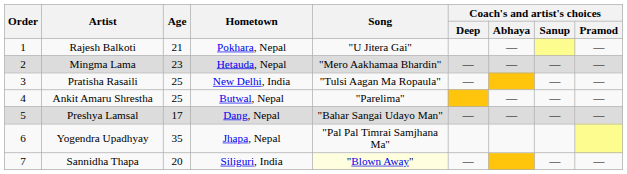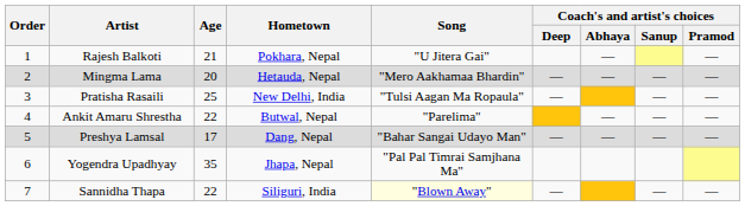 <table class="wikitable plainrowheaders" style="text-align:center; line-height:17px; width:100%;">
 <tr>
 <th scope="col" rowspan="2" style="width:04%;">Order</th>
 <th scope="col" rowspan="2" style="width:18%;">Artist</th>
 <th scope="col" rowspan="2" style="width:04%;">Age</th>
 <th scope="col" rowspan="2" style="width:18%;">Hometown</th>
 <th scope="col" rowspan="2" style="width:20%;">Song</th>
 <th scope="col" colspan="4" style="width:24%;">Coach's and artist's choices</th>
 </tr>
 <tr>
 <th scope="col" style="width:06%;">Deep</th>
 <th scope="col" style="width:06%;">Abhaya</th>
 <th scope="col" style="width:06%;">Sanup</th>
 <th scope="col" style="width:06%;">Pramod</th>
 </tr>
 <tr>
 <td scope="row">1</td>
 <td>Rajesh Balkoti</td>
 <td>21</td>
 <td><a href='#'>Pokhara</a>, Nepal</td>
 <td>"U Jitera Gai"</td>
 <td><strong></strong></td>
 <td>—</td>
 <td style="background:#fdfc8f;"><strong></strong></td>
 <td>—</td>
 </tr>
 <tr style="background:#DCDCDC;">
 <td scope="row">2</td>
 <td>Mingma Lama</td>
-<td>23</td>
+<td>20</td>
 <td><a href='#'>Hetauda</a>, Nepal</td>
 <td>"Mero Aakhamaa Bhardin"</td>
 <td>—</td>
 <td>—</td>
 <td>—</td>
 <td>—</td>
 </tr>
 <tr>
 <td scope="row">3</td>
 <td>Pratisha Rasaili</td>
 <td>25</td>
 <td><a href='#'>New Delhi</a>, India</td>
 <td>"Tulsi Aagan Ma Ropaula"</td>
 <td>—</td>
 <td style="background:#ffc40c;"><strong></strong></td>
 <td>—</td>
 <td>—</td>
 </tr>
 <tr>
 <td scope="row">4</td>
 <td>Ankit Amaru Shrestha</td>
-<td>25</td>
+<td>22</td>
 <td><a href='#'>Butwal</a>, Nepal</td>
 <td>"Parelima"</td>
 <td style="background:#ffc40c;"><strong></strong></td>
 <td>—</td>
 <td>—</td>
 <td>—</td>
 </tr>
 <tr style="background:#DCDCDC;">
 <td scope="row">5</td>
 <td>Preshya Lamsal</td>
 <td>17</td>
 <td><a href='#'>Dang</a>, Nepal</td>
 <td>"Bahar Sangai Udayo Man"</td>
 <td>—</td>
 <td>—</td>
 <td>—</td>
 <td>—</td>
 </tr>
 <tr>
 <td scope="row">6</td>
 <td>Yogendra Upadhyay</td>
 <td>35</td>
 <td><a href='#'>Jhapa</a>, Nepal</td>
 <td>"Pal Pal Timrai Samjhana Ma"</td>
 <td><strong></strong></td>
 <td><strong></strong></td>
 <td><strong></strong></td>
 <td style="background:#fdfc8f;"><strong></strong></td>
 </tr>
 <tr>
 <td scope="row">7</td>
 <td>Sannidha Thapa</td>
-<td>20</td>
+<td>22</td>
 <td><a href='#'>Siliguri</a>, India</td>
 <td style="background: lightyellow;">"<a href='#'>Blown Away</a>"</td>
 <td>—</td>
 <td style="background:#ffc40c;"><strong></strong></td>
 <td>—</td>
 <td>—</td>
 </tr>
 </table>
